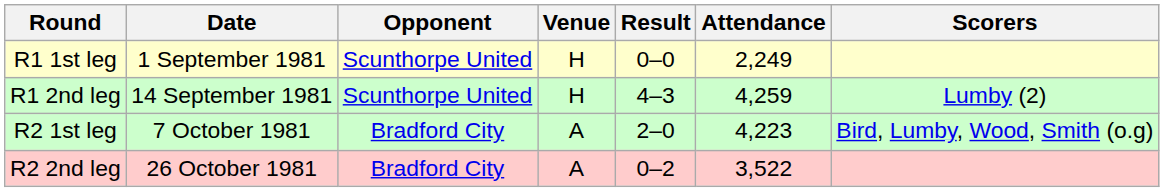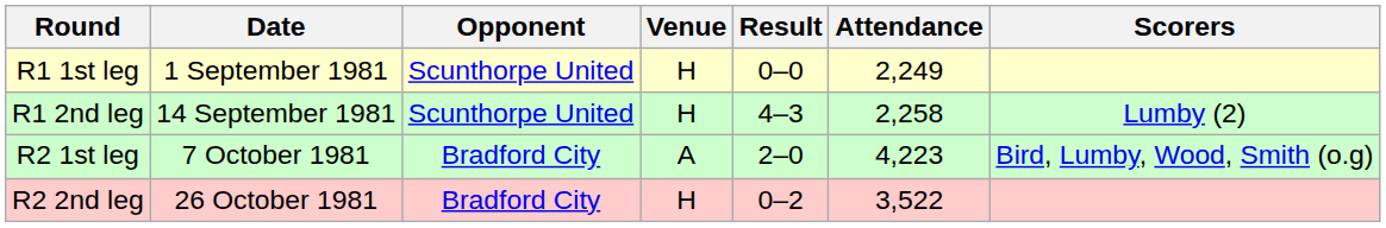 <table class="wikitable" style="font-size:100%; text-align:center">
 <tr>
 <th>Round</th>
 <th>Date</th>
 <th>Opponent</th>
 <th>Venue</th>
 <th>Result</th>
 <th>Attendance</th>
 <th>Scorers</th>
 </tr>
 <tr style="background-color: #FFFFCC;">
 <td>R1 1st leg</td>
 <td>1 September 1981</td>
 <td><a href='#'>Scunthorpe United</a></td>
 <td>H</td>
 <td>0–0</td>
 <td>2,249</td>
 <td></td>
 </tr>
 <tr style="background-color: #CCFFCC;">
 <td>R1 2nd leg</td>
 <td>14 September 1981</td>
 <td><a href='#'>Scunthorpe United</a></td>
 <td>H</td>
 <td>4–3</td>
-<td>4,259</td>
+<td>2,258</td>
 <td><a href='#'>Lumby</a> (2)</td>
 </tr>
 <tr style="background-color: #CCFFCC;">
 <td>R2 1st leg</td>
 <td>7 October 1981</td>
 <td><a href='#'>Bradford City</a></td>
 <td>A</td>
 <td>2–0</td>
 <td>4,223</td>
 <td><a href='#'>Bird</a>, <a href='#'>Lumby</a>, <a href='#'>Wood</a>, <a href='#'>Smith</a> (o.g)</td>
 </tr>
 <tr style="background-color: #FFCCCC;">
 <td>R2 2nd leg</td>
 <td>26 October 1981</td>
 <td><a href='#'>Bradford City</a></td>
-<td>A</td>
+<td>H</td>
 <td>0–2</td>
 <td>3,522</td>
 <td></td>
 </tr>
 </table>
